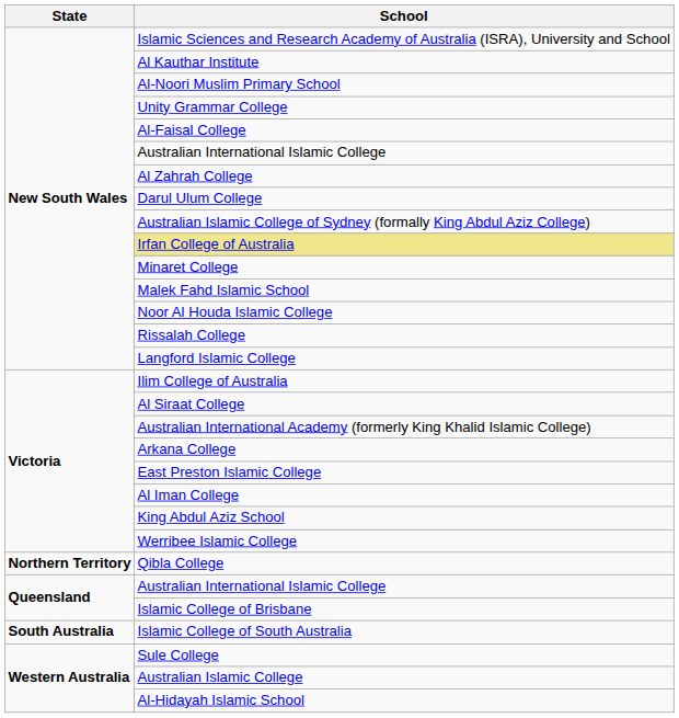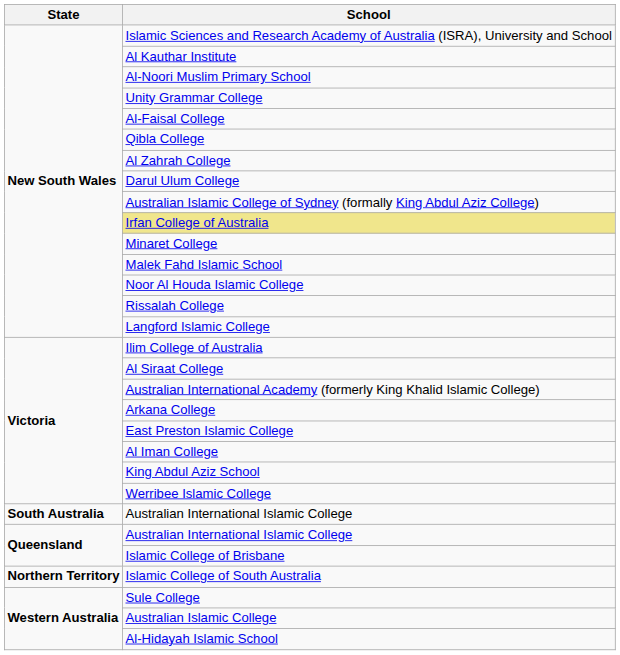 <table class="wikitable">
 <tr>
 <th>State</th>
 <th>School</th>
 </tr>
 <tr style="font-weight:bold;">
 <td rowspan="15" style="vertical-align:middle;">New South Wales</td>
 <td style="font-weight:normal;"><a href='#'>Islamic Sciences and Research Academy of Australia</a> (ISRA), University and School</td>
 </tr>
 <tr>
 <td><a href='#'>Al Kauthar Institute</a></td>
 </tr>
 <tr>
 <td><a href='#'>Al-Noori Muslim Primary School</a></td>
 </tr>
 <tr>
 <td><a href='#'>Unity Grammar College</a></td>
 </tr>
 <tr>
 <td><a href='#'>Al-Faisal College</a></td>
 </tr>
 <tr>
-<td>Australian International Islamic College</td>
+<td><a href='#'>Qibla College</a></td>
 </tr>
 <tr>
 <td><a href='#'>Al Zahrah College</a></td>
 </tr>
 <tr>
 <td><a href='#'>Darul Ulum College</a></td>
 </tr>
 <tr>
 <td><a href='#'>Australian Islamic College of Sydney</a> (formally <a href='#'>King Abdul Aziz College</a>)</td>
 </tr>
 <tr>
 <td style="background: khaki;"><a href='#'>Irfan College of Australia</a></td>
 </tr>
 <tr>
 <td><a href='#'>Minaret College</a></td>
 </tr>
 <tr>
 <td><a href='#'>Malek Fahd Islamic School</a></td>
 </tr>
 <tr>
 <td><a href='#'>Noor Al Houda Islamic College</a></td>
 </tr>
 <tr>
 <td><a href='#'>Rissalah College</a></td>
 </tr>
 <tr>
 <td><a href='#'>Langford Islamic College</a></td>
 </tr>
 <tr>
 <td rowspan="8" style="vertical-align:middle;"><strong>Victoria</strong></td>
 <td><a href='#'>Ilim College of Australia</a></td>
 </tr>
 <tr>
 <td><a href='#'>Al Siraat College</a></td>
 </tr>
 <tr>
 <td><a href='#'>Australian International Academy</a> (formerly King Khalid Islamic College)</td>
 </tr>
 <tr>
 <td><a href='#'>Arkana College</a></td>
 </tr>
 <tr>
 <td><a href='#'>East Preston Islamic College</a></td>
 </tr>
 <tr>
 <td><a href='#'>Al Iman College</a></td>
 </tr>
 <tr>
 <td><a href='#'>King Abdul Aziz School</a></td>
 </tr>
 <tr>
 <td><a href='#'>Werribee Islamic College</a></td>
 </tr>
 <tr>
-<td><strong>Northern Territory</strong></td>
-<td><a href='#'>Qibla College</a></td>
+<td rowspan="1" style="vertical-align:middle;"><strong>South Australia</strong></td>
+<td>Australian International Islamic College</td>
 </tr>
 <tr>
 <td rowspan="2" style="vertical-align:middle;"><strong>Queensland</strong></td>
 <td><a href='#'>Australian International Islamic College</a></td>
 </tr>
 <tr>
 <td><a href='#'>Islamic College of Brisbane</a></td>
 </tr>
 <tr>
-<td rowspan="1" style="vertical-align:middle;"><strong>South Australia</strong></td>
+<td><strong>Northern Territory</strong></td>
 <td><a href='#'>Islamic College of South Australia</a></td>
 </tr>
 <tr>
 <td rowspan="3" style="vertical-align:middle;"><strong>Western Australia</strong></td>
 <td><a href='#'>Sule College</a></td>
 </tr>
 <tr>
 <td><a href='#'>Australian Islamic College</a></td>
 </tr>
 <tr>
 <td><a href='#'>Al-Hidayah Islamic School</a></td>
 </tr>
 </table>
